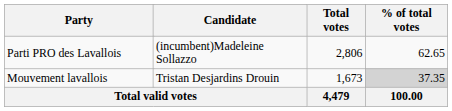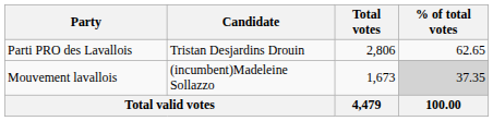 <table style="width:600px;" class="wikitable">
 <tr style="background-color:#E9E9E9">
 <th colspan="2" style="width: 200px">Party</th>
 <th colspan="1" style="width: 200px">Candidate</th>
 <th align="right">Total votes</th>
 <th align="right">% of total votes</th>
 </tr>
 <tr>
 <td colspan="2" align="left">Parti PRO des Lavallois</td>
-<td align="left">(incumbent)Madeleine Sollazzo</td>
+<td align="left">Tristan Desjardins Drouin</td>
 <td align="right">2,806</td>
 <td align="right">62.65</td>
 </tr>
 <tr>
 <td colspan="2" align="left">Mouvement lavallois</td>
-<td align="left">Tristan Desjardins Drouin</td>
+<td align="left">(incumbent)Madeleine Sollazzo</td>
 <td align="right">1,673</td>
 <td align="right" style="background: lightgrey;">37.35</td>
 </tr>
 <tr bgcolor="#EEEEEE">
 <th colspan="3"  align="left">Total valid votes</th>
 <th align="right">4,479</th>
 <th align="right">100.00</th>
 </tr>
 </table>
